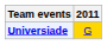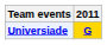 <table class="wikitable" style="font-size: 90%; text-align:center">
 <tr>
 <th>Team events</th>
 <th>2011</th>
 </tr>
 <tr>
 <td bgcolor="#ECF2FF"; align="left"><strong><a href='#'>Universiade</a></strong></td>
-<td bgcolor=gold><a href='#'>G</a></td>
+<td bgcolor=gold><strong><a href='#'>G</a></strong></td>
 </tr>
 </table>
